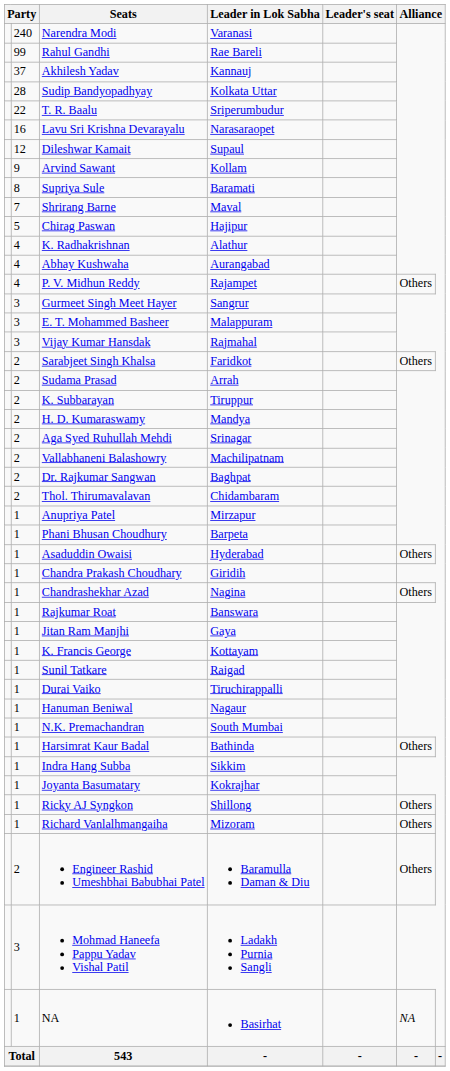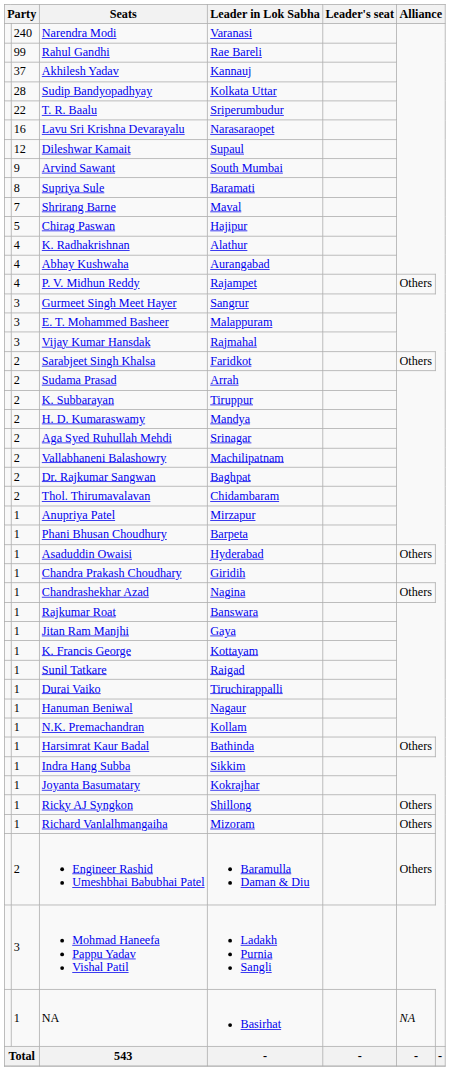 <table class="wikitable sortable">
 <tr>
 <th colspan=2>Party</th>
 <th>Seats</th>
 <th>Leader in Lok Sabha</th>
 <th>Leader's seat</th>
 <th colspan=2>Alliance</th>
 </tr>
 <tr>
 <td></td>
 <td>240</td>
 <td><a href='#'>Narendra Modi</a></td>
 <td><a href='#'>Varanasi</a></td>
 <td></td>
 </tr>
 <tr>
 <td></td>
 <td>99</td>
 <td><a href='#'>Rahul Gandhi</a></td>
 <td><a href='#'>Rae Bareli</a></td>
 <td></td>
 </tr>
 <tr>
 <td></td>
 <td>37</td>
 <td><a href='#'>Akhilesh Yadav</a></td>
 <td><a href='#'>Kannauj</a></td>
 <td></td>
 </tr>
 <tr>
 <td></td>
 <td>28</td>
 <td><a href='#'>Sudip Bandyopadhyay</a></td>
 <td><a href='#'>Kolkata Uttar</a></td>
 <td></td>
 </tr>
 <tr>
 <td></td>
 <td>22</td>
 <td><a href='#'>T. R. Baalu</a></td>
 <td><a href='#'>Sriperumbudur</a></td>
 <td></td>
 </tr>
 <tr>
 <td></td>
 <td>16</td>
 <td><a href='#'>Lavu Sri Krishna Devarayalu</a></td>
 <td><a href='#'>Narasaraopet</a></td>
 <td></td>
 </tr>
 <tr>
 <td></td>
 <td>12</td>
 <td><a href='#'>Dileshwar Kamait</a></td>
 <td><a href='#'>Supaul</a></td>
 <td></td>
 </tr>
 <tr>
 <td></td>
 <td>9</td>
 <td><a href='#'>Arvind Sawant</a></td>
-<td><a href='#'>Kollam</a></td>
+<td><a href='#'>South Mumbai</a></td>
 <td></td>
 </tr>
 <tr>
 <td></td>
 <td>8</td>
 <td><a href='#'>Supriya Sule</a></td>
 <td><a href='#'>Baramati</a></td>
 <td></td>
 </tr>
 <tr>
 <td></td>
 <td>7</td>
 <td><a href='#'>Shrirang Barne</a></td>
 <td><a href='#'>Maval</a></td>
 <td></td>
 </tr>
 <tr>
 <td></td>
 <td>5</td>
 <td><a href='#'>Chirag Paswan</a></td>
 <td><a href='#'>Hajipur</a></td>
 <td></td>
 </tr>
 <tr>
 <td></td>
 <td>4</td>
 <td><a href='#'>K. Radhakrishnan</a></td>
 <td><a href='#'>Alathur</a></td>
 <td></td>
 </tr>
 <tr>
 <td></td>
 <td>4</td>
 <td><a href='#'>Abhay Kushwaha</a></td>
 <td><a href='#'>Aurangabad</a></td>
 <td></td>
 </tr>
 <tr>
 <td></td>
 <td>4</td>
 <td><a href='#'>P. V. Midhun Reddy</a></td>
 <td><a href='#'>Rajampet</a></td>
 <td></td>
 <td>Others</td>
 </tr>
 <tr>
 <td></td>
 <td>3</td>
 <td><a href='#'>Gurmeet Singh Meet Hayer</a></td>
 <td><a href='#'>Sangrur</a></td>
 <td></td>
 </tr>
 <tr>
 <td></td>
 <td>3</td>
 <td><a href='#'>E. T. Mohammed Basheer</a></td>
 <td><a href='#'>Malappuram</a></td>
 <td></td>
 </tr>
 <tr>
 <td></td>
 <td>3</td>
 <td><a href='#'>Vijay Kumar Hansdak</a></td>
 <td><a href='#'>Rajmahal</a></td>
 <td></td>
 </tr>
 <tr>
 <td></td>
 <td>2</td>
 <td><a href='#'>Sarabjeet Singh Khalsa</a></td>
 <td><a href='#'>Faridkot</a></td>
 <td></td>
 <td>Others</td>
 </tr>
 <tr>
 <td></td>
 <td>2</td>
 <td><a href='#'>Sudama Prasad</a></td>
 <td><a href='#'>Arrah</a></td>
 <td></td>
 </tr>
 <tr>
 <td></td>
 <td>2</td>
 <td><a href='#'>K. Subbarayan</a></td>
 <td><a href='#'>Tiruppur</a></td>
 <td></td>
 </tr>
 <tr>
 <td></td>
 <td>2</td>
 <td><a href='#'>H. D. Kumaraswamy</a></td>
 <td><a href='#'>Mandya</a></td>
 <td></td>
 </tr>
 <tr>
 <td></td>
 <td>2</td>
 <td><a href='#'>Aga Syed Ruhullah Mehdi</a></td>
 <td><a href='#'>Srinagar</a></td>
 <td></td>
 </tr>
 <tr>
 <td></td>
 <td>2</td>
 <td><a href='#'>Vallabhaneni Balashowry</a></td>
 <td><a href='#'>Machilipatnam</a></td>
 <td></td>
 </tr>
 <tr>
 <td></td>
 <td>2</td>
 <td><a href='#'>Dr. Rajkumar Sangwan</a></td>
 <td><a href='#'>Baghpat</a></td>
 <td></td>
 </tr>
 <tr>
 <td></td>
 <td>2</td>
 <td><a href='#'>Thol. Thirumavalavan</a></td>
 <td><a href='#'>Chidambaram</a></td>
 <td></td>
 </tr>
 <tr>
 <td></td>
 <td>1</td>
 <td><a href='#'>Anupriya Patel</a></td>
 <td><a href='#'>Mirzapur</a></td>
 <td></td>
 </tr>
 <tr>
 <td></td>
 <td>1</td>
 <td><a href='#'>Phani Bhusan Choudhury</a></td>
 <td><a href='#'>Barpeta</a></td>
 <td></td>
 </tr>
 <tr>
 <td></td>
 <td>1</td>
 <td><a href='#'>Asaduddin Owaisi</a></td>
 <td><a href='#'>Hyderabad</a></td>
 <td></td>
 <td>Others</td>
 </tr>
 <tr>
 <td></td>
 <td>1</td>
 <td><a href='#'>Chandra Prakash Choudhary</a></td>
 <td><a href='#'>Giridih</a></td>
 <td></td>
 </tr>
 <tr>
 <td></td>
 <td>1</td>
 <td><a href='#'>Chandrashekhar Azad</a></td>
 <td><a href='#'>Nagina</a></td>
 <td></td>
 <td>Others</td>
 </tr>
 <tr>
 <td></td>
 <td>1</td>
 <td><a href='#'>Rajkumar Roat</a></td>
 <td><a href='#'>Banswara</a></td>
 <td></td>
 </tr>
 <tr>
 <td></td>
 <td>1</td>
 <td><a href='#'>Jitan Ram Manjhi</a></td>
 <td><a href='#'>Gaya</a></td>
 <td></td>
 </tr>
 <tr>
 <td></td>
 <td>1</td>
 <td><a href='#'>K. Francis George</a></td>
 <td><a href='#'>Kottayam</a></td>
 <td></td>
 </tr>
 <tr>
 <td></td>
 <td>1</td>
 <td><a href='#'>Sunil Tatkare</a></td>
 <td><a href='#'>Raigad</a></td>
 <td></td>
 </tr>
 <tr>
 <td></td>
 <td>1</td>
 <td><a href='#'>Durai Vaiko</a></td>
 <td><a href='#'>Tiruchirappalli</a></td>
 <td></td>
 </tr>
 <tr>
 <td></td>
 <td>1</td>
 <td><a href='#'>Hanuman Beniwal</a></td>
 <td><a href='#'>Nagaur</a></td>
 <td></td>
 </tr>
 <tr>
 <td></td>
 <td>1</td>
 <td><a href='#'>N.K. Premachandran</a></td>
-<td><a href='#'>South Mumbai</a></td>
+<td><a href='#'>Kollam</a></td>
 <td></td>
 </tr>
 <tr>
 <td></td>
 <td>1</td>
 <td><a href='#'>Harsimrat Kaur Badal</a></td>
 <td><a href='#'>Bathinda</a></td>
 <td></td>
 <td>Others</td>
 </tr>
 <tr>
 <td></td>
 <td>1</td>
 <td><a href='#'>Indra Hang Subba</a></td>
 <td><a href='#'>Sikkim</a></td>
 <td></td>
 </tr>
 <tr>
 <td></td>
 <td>1</td>
 <td><a href='#'>Joyanta Basumatary</a></td>
 <td><a href='#'>Kokrajhar</a></td>
 <td></td>
 </tr>
 <tr>
 <td></td>
 <td>1</td>
 <td><a href='#'>Ricky AJ Syngkon</a></td>
 <td><a href='#'>Shillong</a></td>
 <td></td>
 <td>Others</td>
 </tr>
 <tr>
 <td></td>
 <td>1</td>
 <td><a href='#'>Richard Vanlalhmangaiha</a></td>
 <td><a href='#'>Mizoram</a></td>
 <td></td>
 <td>Others</td>
 </tr>
 <tr>
 <td></td>
 <td>2</td>
 <td><br><ul><li><a href='#'>Engineer Rashid</a></li><li><a href='#'>Umeshbhai Babubhai Patel</a></li></ul></td>
 <td><br><ul><li><a href='#'>Baramulla</a></li><li><a href='#'>Daman & Diu</a></li></ul></td>
 <td></td>
 <td>Others</td>
 </tr>
 <tr>
 <td></td>
 <td>3</td>
 <td><br><ul><li><a href='#'>Mohmad Haneefa</a></li><li><a href='#'>Pappu Yadav</a></li><li><a href='#'>Vishal Patil</a></li></ul></td>
 <td><br><ul><li><a href='#'>Ladakh</a></li><li><a href='#'>Purnia</a></li><li><a href='#'>Sangli</a></li></ul></td>
 <td></td>
 </tr>
 <tr>
 <td></td>
 <td>1</td>
 <td>NA</td>
 <td><br><ul><li><a href='#'>Basirhat</a></li></ul></td>
 <td></td>
 <td><em>NA</em></td>
 </tr>
 <tr>
 <th colspan="2"><strong>Total</strong></th>
 <th>543</th>
 <th>-</th>
 <th>-</th>
 <th>-</th>
 <th>-</th>
 </tr>
 <tr>
 </tr>
 </table>
